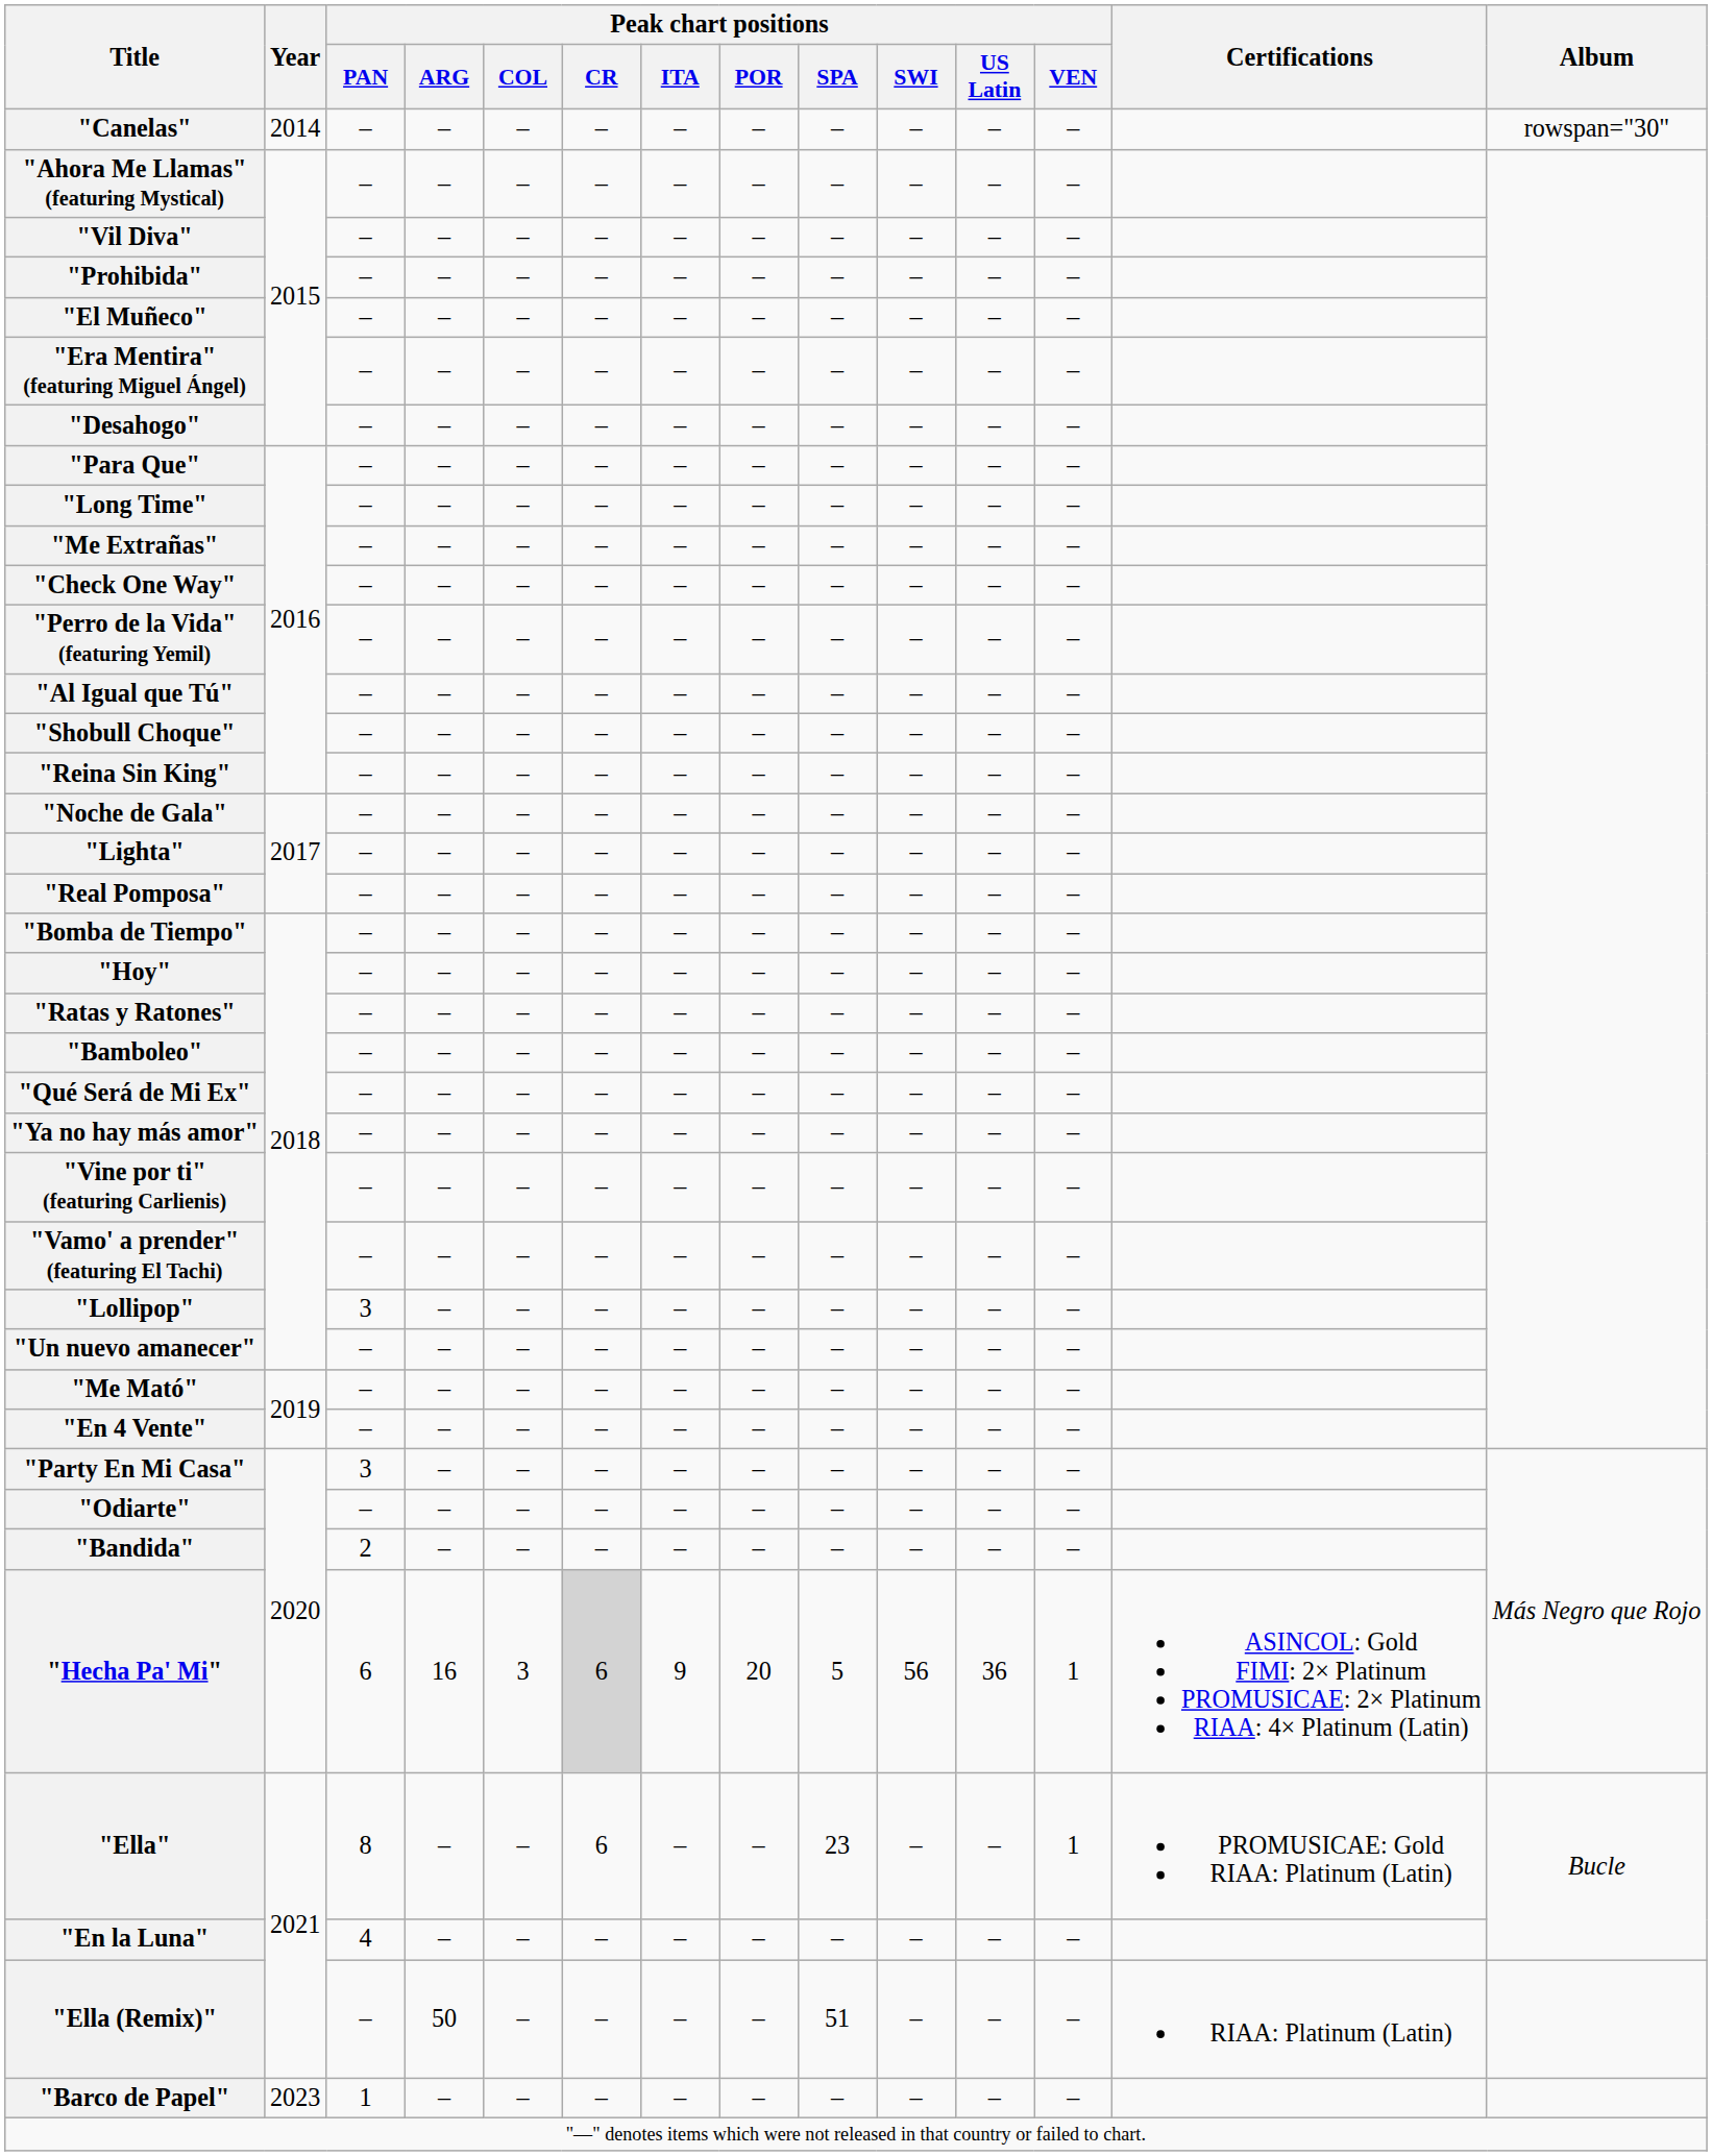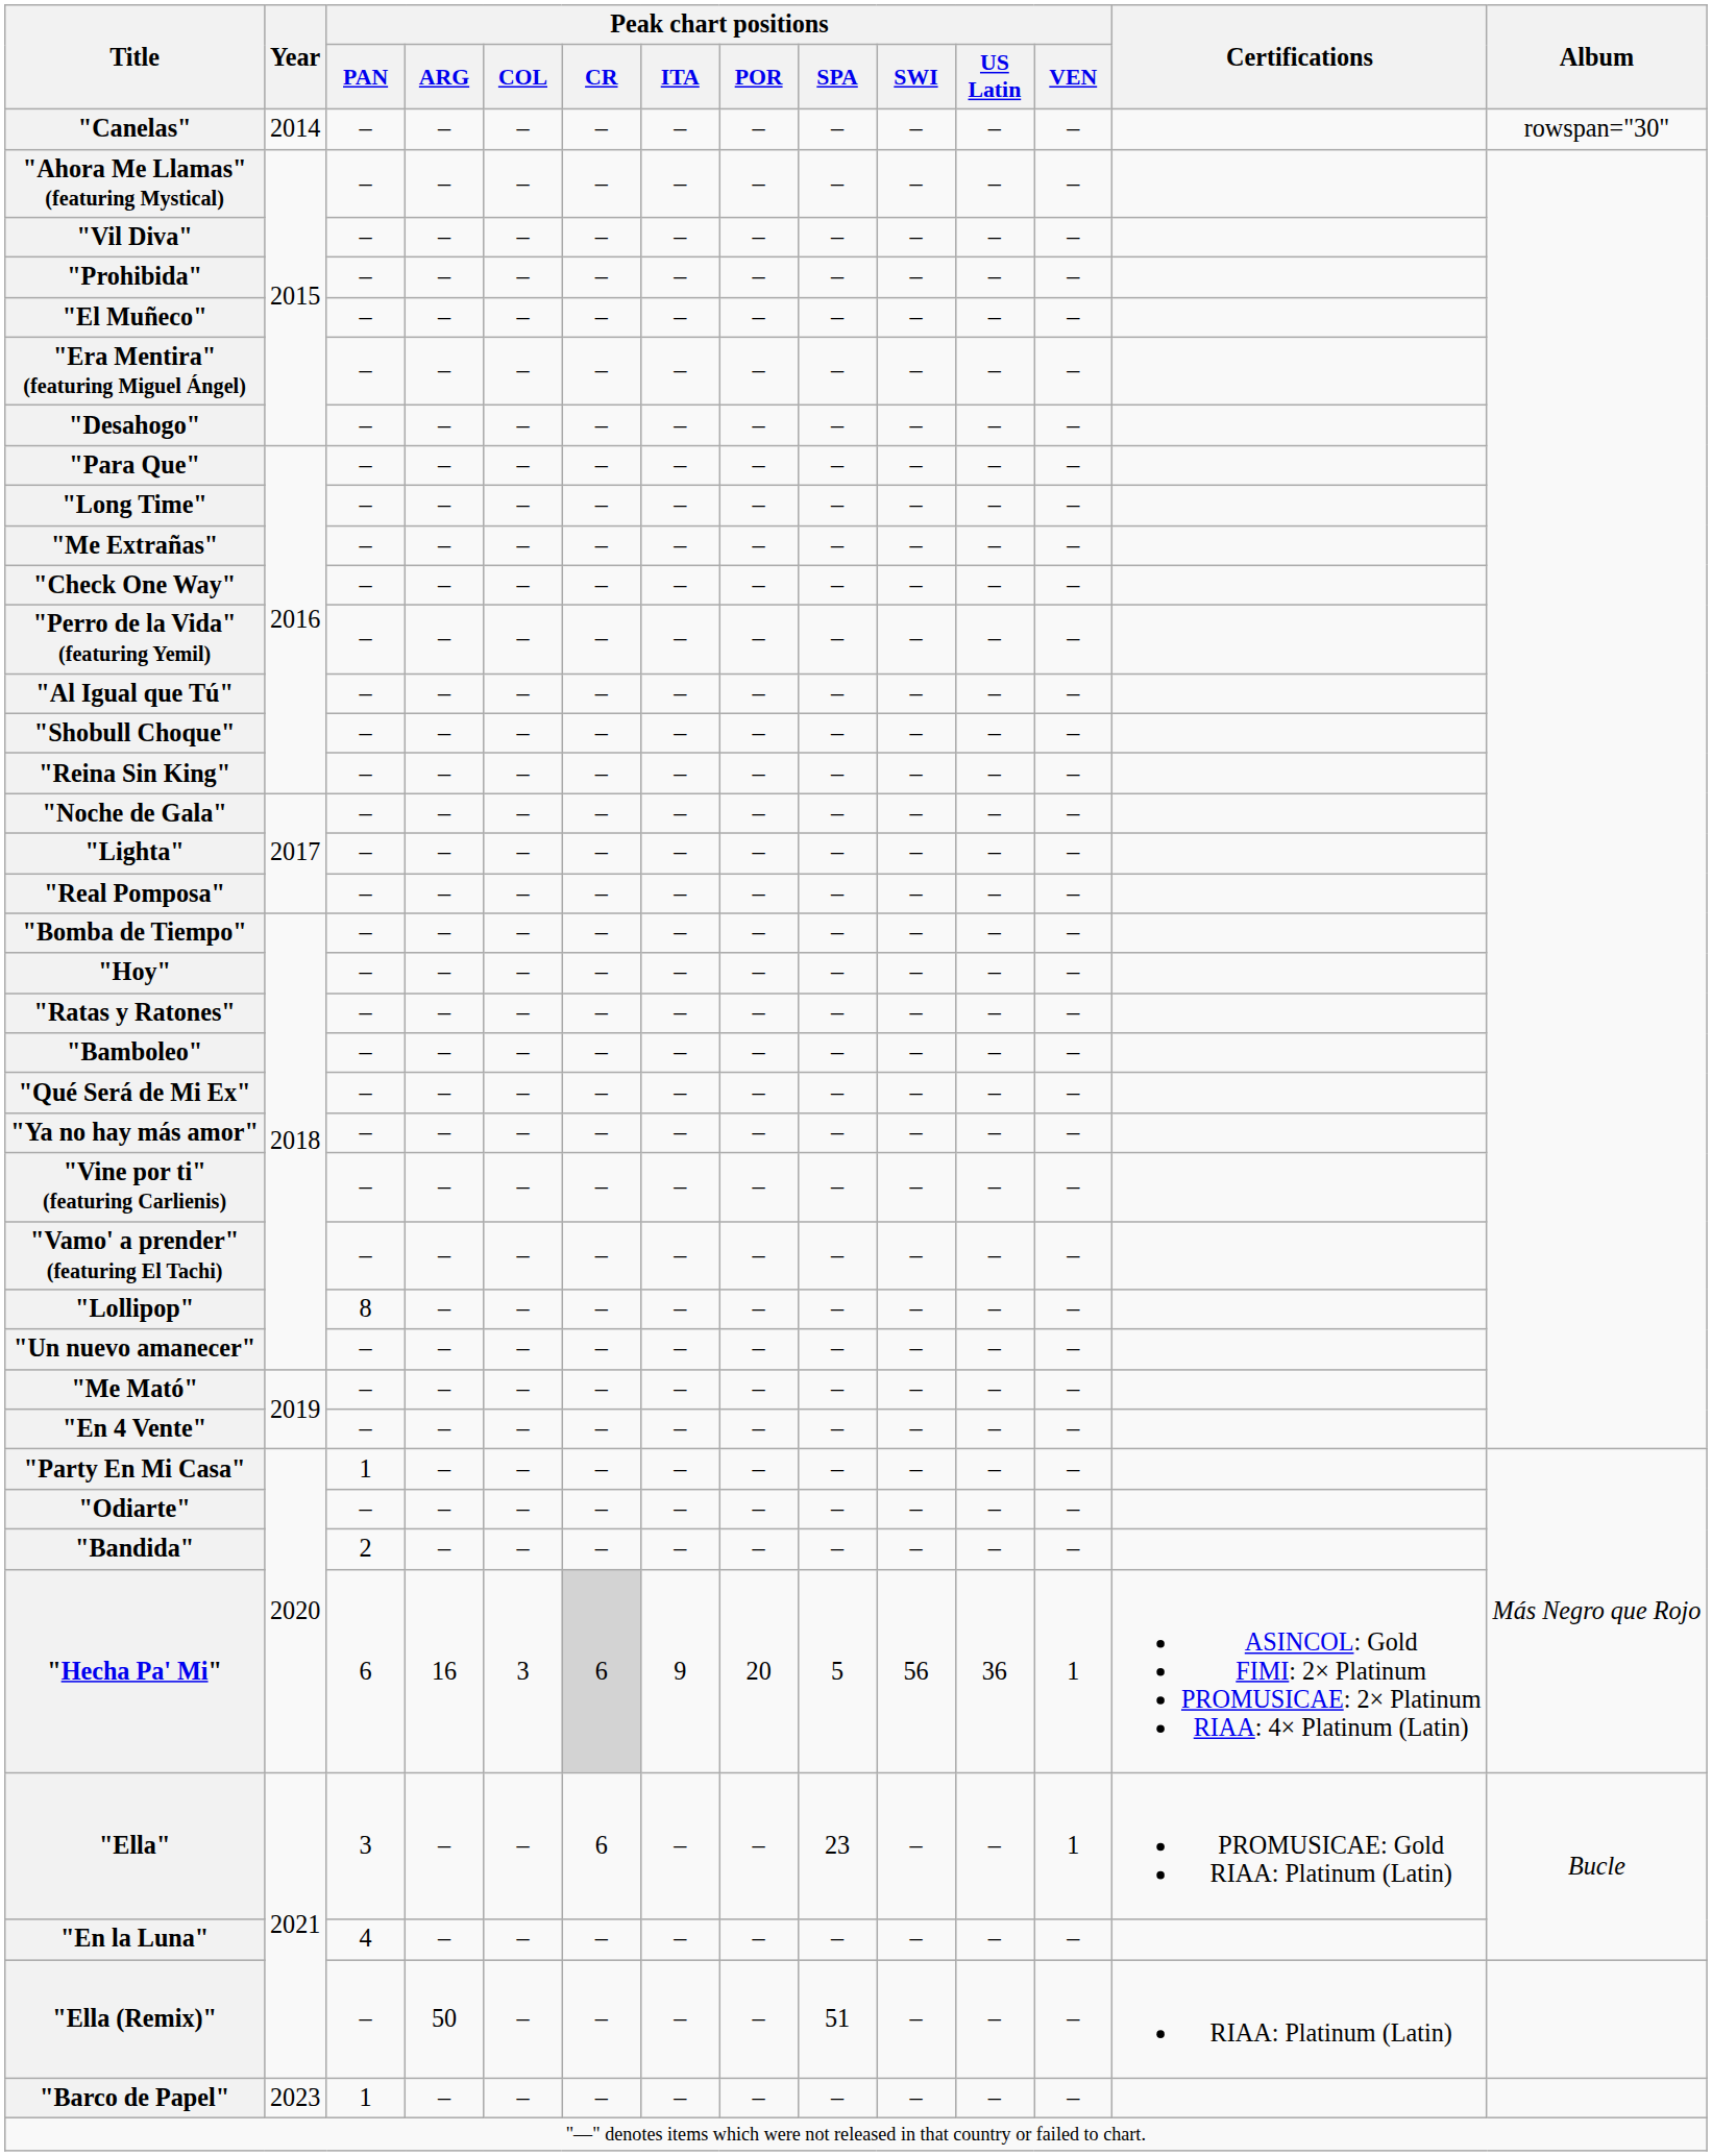 <table class="wikitable plainrowheaders" style="text-align:center">
 <tr>
 <th rowspan="2">Title</th>
 <th rowspan="2">Year</th>
 <th colspan="10">Peak chart positions</th>
 <th rowspan="2">Certifications</th>
 <th rowspan="2">Album</th>
 </tr>
 <tr>
 <th scope="col" style="width:3em;font-size:90%;"><a href='#'>PAN</a><br></th>
 <th scope="col" style="width:3em;font-size:90%;"><a href='#'>ARG</a><br></th>
 <th scope="col" style="width:3em;font-size:90%;"><a href='#'>COL</a><br></th>
 <th scope="col" style="width:3em;font-size:90%;"><a href='#'>CR</a><br></th>
 <th scope="col" style="width:3em;font-size:90%;"><a href='#'>ITA</a><br></th>
 <th scope="col" style="width:3em;font-size:90%;"><a href='#'>POR</a><br></th>
 <th scope="col" style="width:3em;font-size:90%;"><a href='#'>SPA</a><br></th>
 <th scope="col" style="width:3em;font-size:90%;"><a href='#'>SWI</a><br></th>
 <th scope="col" style="width:3em;font-size:90%;"><a href='#'>US<br>Latin</a><br></th>
 <th scope="col" style="width:3em;font-size:90%;"><a href='#'>VEN</a><br></th>
 </tr>
 <tr>
 <th scope="row">"Canelas"</th>
 <td>2014</td>
 <td>–</td>
 <td>–</td>
 <td>–</td>
 <td>–</td>
 <td>–</td>
 <td>–</td>
 <td>–</td>
 <td>–</td>
 <td>–</td>
 <td>–</td>
 <td></td>
 <td>rowspan="30" </td>
 </tr>
 <tr>
 <th scope="row">"Ahora Me Llamas"<br><small>(featuring Mystical)</small></th>
 <td rowspan="6">2015</td>
 <td>–</td>
 <td>–</td>
 <td>–</td>
 <td>–</td>
 <td>–</td>
 <td>–</td>
 <td>–</td>
 <td>–</td>
 <td>–</td>
 <td>–</td>
 <td></td>
 </tr>
 <tr>
 <th scope="row">"Vil Diva"</th>
 <td>–</td>
 <td>–</td>
 <td>–</td>
 <td>–</td>
 <td>–</td>
 <td>–</td>
 <td>–</td>
 <td>–</td>
 <td>–</td>
 <td>–</td>
 <td></td>
 </tr>
 <tr>
 <th scope="row">"Prohibida"</th>
 <td>–</td>
 <td>–</td>
 <td>–</td>
 <td>–</td>
 <td>–</td>
 <td>–</td>
 <td>–</td>
 <td>–</td>
 <td>–</td>
 <td>–</td>
 <td></td>
 </tr>
 <tr>
 <th scope="row">"El Muñeco"</th>
 <td>–</td>
 <td>–</td>
 <td>–</td>
 <td>–</td>
 <td>–</td>
 <td>–</td>
 <td>–</td>
 <td>–</td>
 <td>–</td>
 <td>–</td>
 <td></td>
 </tr>
 <tr>
 <th scope="row">"Era Mentira"<br><small>(featuring Miguel Ángel)</small></th>
 <td>–</td>
 <td>–</td>
 <td>–</td>
 <td>–</td>
 <td>–</td>
 <td>–</td>
 <td>–</td>
 <td>–</td>
 <td>–</td>
 <td>–</td>
 <td></td>
 </tr>
 <tr>
 <th scope="row">"Desahogo"</th>
 <td>–</td>
 <td>–</td>
 <td>–</td>
 <td>–</td>
 <td>–</td>
 <td>–</td>
 <td>–</td>
 <td>–</td>
 <td>–</td>
 <td>–</td>
 <td></td>
 </tr>
 <tr>
 <th scope="row">"Para Que"</th>
 <td rowspan="8">2016</td>
 <td>–</td>
 <td>–</td>
 <td>–</td>
 <td>–</td>
 <td>–</td>
 <td>–</td>
 <td>–</td>
 <td>–</td>
 <td>–</td>
 <td>–</td>
 <td></td>
 </tr>
 <tr>
 <th scope="row">"Long Time"</th>
 <td>–</td>
 <td>–</td>
 <td>–</td>
 <td>–</td>
 <td>–</td>
 <td>–</td>
 <td>–</td>
 <td>–</td>
 <td>–</td>
 <td>–</td>
 <td></td>
 </tr>
 <tr>
 <th scope="row">"Me Extrañas"</th>
 <td>–</td>
 <td>–</td>
 <td>–</td>
 <td>–</td>
 <td>–</td>
 <td>–</td>
 <td>–</td>
 <td>–</td>
 <td>–</td>
 <td>–</td>
 <td></td>
 </tr>
 <tr>
 <th scope="row">"Check One Way"</th>
 <td>–</td>
 <td>–</td>
 <td>–</td>
 <td>–</td>
 <td>–</td>
 <td>–</td>
 <td>–</td>
 <td>–</td>
 <td>–</td>
 <td>–</td>
 <td></td>
 </tr>
 <tr>
 <th scope="row">"Perro de la Vida"<br><small>(featuring Yemil)</small></th>
 <td>–</td>
 <td>–</td>
 <td>–</td>
 <td>–</td>
 <td>–</td>
 <td>–</td>
 <td>–</td>
 <td>–</td>
 <td>–</td>
 <td>–</td>
 <td></td>
 </tr>
 <tr>
 <th scope="row">"Al Igual que Tú"</th>
 <td>–</td>
 <td>–</td>
 <td>–</td>
 <td>–</td>
 <td>–</td>
 <td>–</td>
 <td>–</td>
 <td>–</td>
 <td>–</td>
 <td>–</td>
 <td></td>
 </tr>
 <tr>
 <th scope="row">"Shobull Choque"</th>
 <td>–</td>
 <td>–</td>
 <td>–</td>
 <td>–</td>
 <td>–</td>
 <td>–</td>
 <td>–</td>
 <td>–</td>
 <td>–</td>
 <td>–</td>
 <td></td>
 </tr>
 <tr>
 <th scope="row">"Reina Sin King"</th>
 <td>–</td>
 <td>–</td>
 <td>–</td>
 <td>–</td>
 <td>–</td>
 <td>–</td>
 <td>–</td>
 <td>–</td>
 <td>–</td>
 <td>–</td>
 <td></td>
 </tr>
 <tr>
 <th scope="row">"Noche de Gala"</th>
 <td rowspan="3">2017</td>
 <td>–</td>
 <td>–</td>
 <td>–</td>
 <td>–</td>
 <td>–</td>
 <td>–</td>
 <td>–</td>
 <td>–</td>
 <td>–</td>
 <td>–</td>
 <td></td>
 </tr>
 <tr>
 <th scope="row">"Lighta"</th>
 <td>–</td>
 <td>–</td>
 <td>–</td>
 <td>–</td>
 <td>–</td>
 <td>–</td>
 <td>–</td>
 <td>–</td>
 <td>–</td>
 <td>–</td>
 <td></td>
 </tr>
 <tr>
 <th scope="row">"Real Pomposa"</th>
 <td>–</td>
 <td>–</td>
 <td>–</td>
 <td>–</td>
 <td>–</td>
 <td>–</td>
 <td>–</td>
 <td>–</td>
 <td>–</td>
 <td>–</td>
 <td></td>
 </tr>
 <tr>
 <th scope="row">"Bomba de Tiempo"</th>
 <td rowspan="10">2018</td>
 <td>–</td>
 <td>–</td>
 <td>–</td>
 <td>–</td>
 <td>–</td>
 <td>–</td>
 <td>–</td>
 <td>–</td>
 <td>–</td>
 <td>–</td>
 <td></td>
 </tr>
 <tr>
 <th scope="row">"Hoy"</th>
 <td>–</td>
 <td>–</td>
 <td>–</td>
 <td>–</td>
 <td>–</td>
 <td>–</td>
 <td>–</td>
 <td>–</td>
 <td>–</td>
 <td>–</td>
 <td></td>
 </tr>
 <tr>
 <th scope="row">"Ratas y Ratones"</th>
 <td>–</td>
 <td>–</td>
 <td>–</td>
 <td>–</td>
 <td>–</td>
 <td>–</td>
 <td>–</td>
 <td>–</td>
 <td>–</td>
 <td>–</td>
 <td></td>
 </tr>
 <tr>
 <th scope="row">"Bamboleo"</th>
 <td>–</td>
 <td>–</td>
 <td>–</td>
 <td>–</td>
 <td>–</td>
 <td>–</td>
 <td>–</td>
 <td>–</td>
 <td>–</td>
 <td>–</td>
 <td></td>
 </tr>
 <tr>
 <th scope="row">"Qué Será de Mi Ex"</th>
 <td>–</td>
 <td>–</td>
 <td>–</td>
 <td>–</td>
 <td>–</td>
 <td>–</td>
 <td>–</td>
 <td>–</td>
 <td>–</td>
 <td>–</td>
 <td></td>
 </tr>
 <tr>
 <th scope="row">"Ya no hay más amor"</th>
 <td>–</td>
 <td>–</td>
 <td>–</td>
 <td>–</td>
 <td>–</td>
 <td>–</td>
 <td>–</td>
 <td>–</td>
 <td>–</td>
 <td>–</td>
 <td></td>
 </tr>
 <tr>
 <th scope="row">"Vine por ti"<br><small>(featuring Carlienis)</small></th>
 <td>–</td>
 <td>–</td>
 <td>–</td>
 <td>–</td>
 <td>–</td>
 <td>–</td>
 <td>–</td>
 <td>–</td>
 <td>–</td>
 <td>–</td>
 <td></td>
 </tr>
 <tr>
 <th scope="row">"Vamo' a prender"<br><small>(featuring El Tachi)</small></th>
 <td>–</td>
 <td>–</td>
 <td>–</td>
 <td>–</td>
 <td>–</td>
 <td>–</td>
 <td>–</td>
 <td>–</td>
 <td>–</td>
 <td>–</td>
 <td></td>
 </tr>
 <tr>
 <th scope="row">"Lollipop"</th>
-<td>3</td>
+<td>8</td>
 <td>–</td>
 <td>–</td>
 <td>–</td>
 <td>–</td>
 <td>–</td>
 <td>–</td>
 <td>–</td>
 <td>–</td>
 <td>–</td>
 <td></td>
 </tr>
 <tr>
 <th scope="row">"Un nuevo amanecer"</th>
 <td>–</td>
 <td>–</td>
 <td>–</td>
 <td>–</td>
 <td>–</td>
 <td>–</td>
 <td>–</td>
 <td>–</td>
 <td>–</td>
 <td>–</td>
 <td></td>
 </tr>
 <tr>
 <th scope="row">"Me Mató"</th>
 <td rowspan="2">2019</td>
 <td>–</td>
 <td>–</td>
 <td>–</td>
 <td>–</td>
 <td>–</td>
 <td>–</td>
 <td>–</td>
 <td>–</td>
 <td>–</td>
 <td>–</td>
 <td></td>
 </tr>
 <tr>
 <th scope="row">"En 4 Vente"</th>
 <td>–</td>
 <td>–</td>
 <td>–</td>
 <td>–</td>
 <td>–</td>
 <td>–</td>
 <td>–</td>
 <td>–</td>
 <td>–</td>
 <td>–</td>
 <td></td>
 </tr>
 <tr>
 <th scope="row">"Party En Mi Casa"</th>
 <td rowspan="4">2020</td>
-<td>3</td>
+<td>1</td>
 <td>–</td>
 <td>–</td>
 <td>–</td>
 <td>–</td>
 <td>–</td>
 <td>–</td>
 <td>–</td>
 <td>–</td>
 <td>–</td>
 <td></td>
 <td rowspan="4"><em>Más Negro que Rojo</em></td>
 </tr>
 <tr>
 <th scope="row">"Odiarte"</th>
 <td>–</td>
 <td>–</td>
 <td>–</td>
 <td>–</td>
 <td>–</td>
 <td>–</td>
 <td>–</td>
 <td>–</td>
 <td>–</td>
 <td>–</td>
 <td></td>
 </tr>
 <tr>
 <th scope="row">"Bandida"</th>
 <td>2</td>
 <td>–</td>
 <td>–</td>
 <td>–</td>
 <td>–</td>
 <td>–</td>
 <td>–</td>
 <td>–</td>
 <td>–</td>
 <td>–</td>
 <td></td>
 </tr>
 <tr>
 <th scope="row">"<a href='#'>Hecha Pa' Mi</a>"</th>
 <td>6</td>
 <td>16</td>
 <td>3</td>
 <td style="background: lightgrey;">6</td>
 <td>9</td>
 <td>20</td>
 <td>5</td>
 <td>56</td>
 <td>36</td>
 <td>1</td>
 <td><br><ul><li><a href='#'>ASINCOL</a>: Gold</li><li><a href='#'>FIMI</a>: 2× Platinum</li><li><a href='#'>PROMUSICAE</a>: 2× Platinum</li><li><a href='#'>RIAA</a>: 4× Platinum (Latin)</li></ul></td>
 </tr>
 <tr>
 <th scope="row">"Ella"</th>
 <td rowspan="3">2021</td>
-<td>8</td>
+<td>3</td>
 <td>–</td>
 <td>–</td>
 <td>6</td>
 <td>–</td>
 <td>–</td>
 <td>23</td>
 <td>–</td>
 <td>–</td>
 <td>1</td>
 <td><br><ul><li>PROMUSICAE: Gold</li><li>RIAA: Platinum (Latin)</li></ul></td>
 <td rowspan="2"><em>Bucle</em></td>
 </tr>
 <tr>
 <th scope="row">"En la Luna"</th>
 <td>4</td>
 <td>–</td>
 <td>–</td>
 <td>–</td>
 <td>–</td>
 <td>–</td>
 <td>–</td>
 <td>–</td>
 <td>–</td>
 <td>–</td>
 <td></td>
 </tr>
 <tr>
 <th scope="row">"Ella (Remix)"<br></th>
 <td>–</td>
 <td>50</td>
 <td>–</td>
 <td>–</td>
 <td>–</td>
 <td>–</td>
 <td>51</td>
 <td>–</td>
 <td>–</td>
 <td>–</td>
 <td><br><ul><li>RIAA: Platinum (Latin)</li></ul></td>
 <td></td>
 </tr>
 <tr>
 <th scope="row">"Barco de Papel"</th>
 <td>2023</td>
 <td>1</td>
 <td>–</td>
 <td>–</td>
 <td>–</td>
 <td>–</td>
 <td>–</td>
 <td>–</td>
 <td>–</td>
 <td>–</td>
 <td>–</td>
 <td></td>
 <td></td>
 </tr>
 <tr>
 <td colspan="14" style="font-size:75%;">"—" denotes items which were not released in that country or failed to chart.</td>
 </tr>
 </table>
